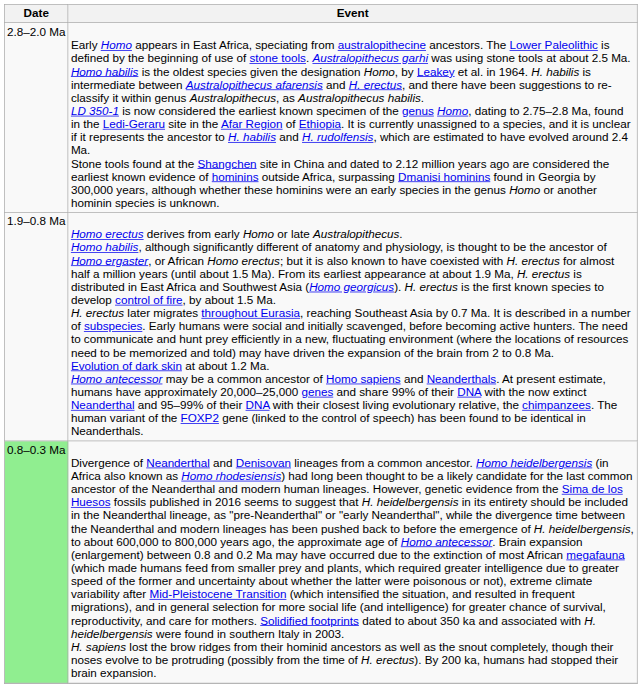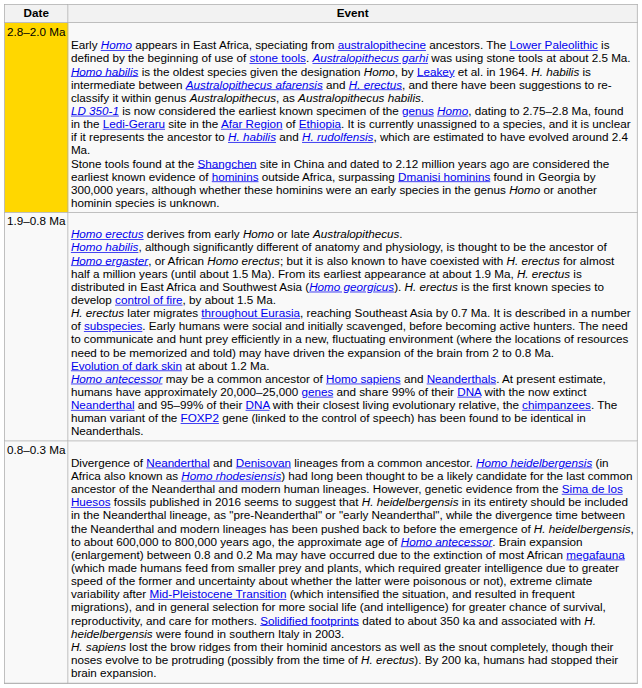 <table class="wikitable">
 <tr>
 <th scope="col">Date</th>
 <th scope="col">Event</th>
 </tr>
 <tr>
-<td style="vertical-align: top; text-align: right; white-space: nowrap;">2.8–2.0 Ma</td>
+<td style="background: gold; vertical-align: top; text-align: right; white-space: nowrap;">2.8–2.0 Ma</td>
 <td><br>Early <em><a href='#'>Homo</a></em> appears in East Africa,   speciating from <a href='#'>australopithecine</a> ancestors. The <a href='#'>Lower Paleolithic</a> is defined by the beginning of use of <a href='#'>stone tools</a>. <em><a href='#'>Australopithecus garhi</a></em> was using stone tools at about 2.5 Ma. <em><a href='#'>Homo habilis</a></em> is the oldest species given the designation <em>Homo</em>, by <a href='#'>Leakey</a> et al. in 1964. <em>H. habilis</em> is  intermediate between <em><a href='#'>Australopithecus afarensis</a></em> and <em><a href='#'>H. erectus</a></em>, and there have been suggestions to re-classify it within genus <em>Australopithecus</em>, as <em>Australopithecus habilis</em>.<br><em><a href='#'>LD 350-1</a></em> is now considered the earliest known specimen of the <a href='#'>genus</a> <em><a href='#'>Homo</a></em>, dating to 2.75–2.8 Ma, found in the <a href='#'>Ledi-Geraru</a> site in the <a href='#'>Afar Region</a> of <a href='#'>Ethiopia</a>. It is currently unassigned to a species, and it is unclear if it represents the ancestor to <em><a href='#'>H. habilis</a></em> and <em><a href='#'>H. rudolfensis</a></em>, which are estimated to have evolved around 2.4 Ma.<br>Stone tools found at the <a href='#'>Shangchen</a> site in China and dated to 2.12 million years ago are considered the earliest known evidence of <a href='#'>hominins</a> outside Africa, surpassing <a href='#'>Dmanisi hominins</a> found in Georgia by 300,000 years, although whether these hominins  were an early species in the genus <em>Homo</em> or another hominin species is unknown. </td>
 </tr>
 <tr>
 <td style="vertical-align: top; text-align: right; white-space: nowrap;">1.9–0.8 Ma</td>
 <td><br><em><a href='#'>Homo erectus</a></em>  derives from early <em>Homo</em> or late <em>Australopithecus</em>.<br><em><a href='#'>Homo habilis</a></em>, although significantly different of anatomy and physiology, is thought to be the ancestor of <em><a href='#'>Homo ergaster</a></em>, or African <em>Homo erectus</em>; but it is also known to have coexisted with <em>H. erectus</em> for almost half a million years (until about 1.5 Ma). From its earliest appearance at about 1.9 Ma, <em>H. erectus</em> is distributed in East Africa and Southwest Asia (<em><a href='#'>Homo georgicus</a></em>).  <em>H. erectus</em> is  the first known species to develop <a href='#'>control of fire</a>, by about 1.5 Ma.<br><em>H. erectus</em> later migrates <a href='#'>throughout Eurasia</a>, reaching Southeast Asia by 0.7 Ma. It is described in a number of <a href='#'>subspecies</a>. Early humans were social and initially scavenged, before becoming active hunters. The need to communicate and hunt prey efficiently in a new, fluctuating environment (where the locations of resources need to be memorized and told) may have driven the expansion of the brain from 2 to 0.8 Ma.<br><a href='#'>Evolution of dark skin</a> at about 1.2 Ma.<br><em><a href='#'>Homo antecessor</a></em> may be a common ancestor of <a href='#'>Homo sapiens</a> and <a href='#'>Neanderthals</a>. At present estimate, humans have approximately 20,000–25,000 <a href='#'>genes</a> and share 99% of their <a href='#'>DNA</a> with the now extinct <a href='#'>Neanderthal</a> and 95–99% of their <a href='#'>DNA</a> with their closest living evolutionary relative, the <a href='#'>chimpanzees</a>.  The human variant of the <a href='#'>FOXP2</a> gene (linked to the control of speech) has been found to be identical in Neanderthals.</td>
 </tr>
 <tr>
-<td style="background: lightgreen; vertical-align: top; text-align: right; white-space: nowrap;">0.8–0.3 Ma</td>
+<td style="vertical-align: top; text-align: right; white-space: nowrap;">0.8–0.3 Ma</td>
 <td><br>Divergence of <a href='#'>Neanderthal</a> and <a href='#'>Denisovan</a> lineages from a common ancestor. <em><a href='#'>Homo heidelbergensis</a></em> (in Africa also known as <em><a href='#'>Homo rhodesiensis</a></em>) had long been thought to be a likely candidate for the last common ancestor of the Neanderthal and modern human lineages. However, genetic evidence from the <a href='#'>Sima de los Huesos</a> fossils published in 2016 seems to suggest that <em>H. heidelbergensis</em> in its entirety should be included in the Neanderthal lineage, as "pre-Neanderthal" or "early Neanderthal", while the divergence time between the Neanderthal and modern lineages has been pushed back to before the emergence of <em>H. heidelbergensis</em>, to about 600,000 to 800,000 years ago, the approximate age of <em><a href='#'>Homo antecessor</a></em>. Brain expansion (enlargement) between 0.8 and 0.2 Ma may have occurred due to the extinction of most African <a href='#'>megafauna</a> (which made humans feed from smaller prey and plants, which required greater intelligence due to greater speed of the former and uncertainty about whether the latter were poisonous or not), extreme climate variability after <a href='#'>Mid-Pleistocene Transition</a> (which intensified the situation, and resulted in frequent migrations), and in general selection for more social life (and intelligence) for greater chance of survival, reproductivity, and care for mothers. <a href='#'>Solidified footprints</a> dated to about 350 ka and associated with <em>H. heidelbergensis</em> were found in  southern Italy in 2003.<br><em>H. sapiens</em> lost the brow ridges from their hominid ancestors as well as the snout completely, though their noses evolve to be protruding (possibly from the time of <em>H. erectus</em>). By 200 ka, humans had stopped their brain expansion.</td>
 </tr>
 <tr>
 </tr>
 </table>
